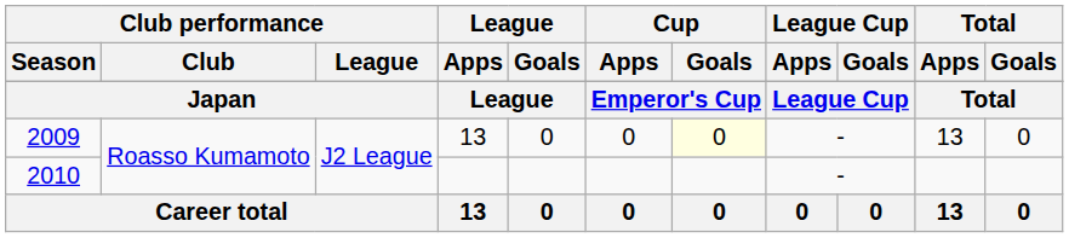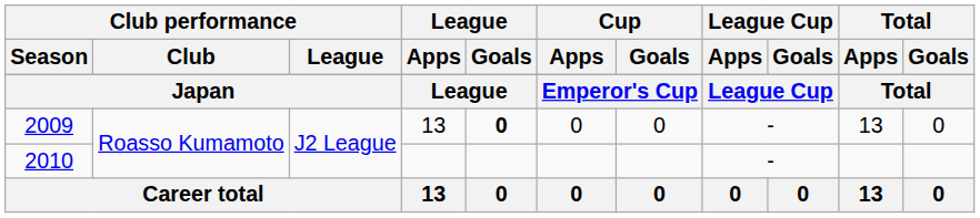 <table class="wikitable" style="text-align:center">
 <tr>
 <th colspan=3>Club performance</th>
 <th colspan=2>League</th>
 <th colspan=2>Cup</th>
 <th colspan=2>League Cup</th>
 <th colspan=2>Total</th>
 </tr>
 <tr>
 <th>Season</th>
 <th>Club</th>
 <th>League</th>
 <th>Apps</th>
 <th>Goals</th>
 <th>Apps</th>
 <th>Goals</th>
 <th>Apps</th>
 <th>Goals</th>
 <th>Apps</th>
 <th>Goals</th>
 </tr>
 <tr>
 </tr>
 <tr>
 <th colspan=3>Japan</th>
 <th colspan=2>League</th>
 <th colspan=2><a href='#'>Emperor's Cup</a></th>
 <th colspan=2><a href='#'>League Cup</a></th>
 <th colspan=2>Total</th>
 </tr>
 <tr>
 <td><a href='#'>2009</a></td>
 <td rowspan="2"><a href='#'>Roasso Kumamoto</a></td>
 <td rowspan="2"><a href='#'>J2 League</a></td>
 <td>13</td>
+<td><strong>0</strong></td>
 <td>0</td>
 <td>0</td>
-<td style="background: lightyellow;">0</td>
 <td colspan="2">-</td>
 <td>13</td>
 <td>0</td>
 </tr>
 <tr>
 <td><a href='#'>2010</a></td>
 <td></td>
 <td></td>
 <td></td>
 <td></td>
 <td colspan="2">-</td>
 <td></td>
 <td></td>
 </tr>
 <tr>
 <th colspan=3>Career total</th>
 <th>13</th>
 <th>0</th>
 <th>0</th>
 <th>0</th>
 <th>0</th>
 <th>0</th>
 <th>13</th>
 <th>0</th>
 </tr>
 </table>
